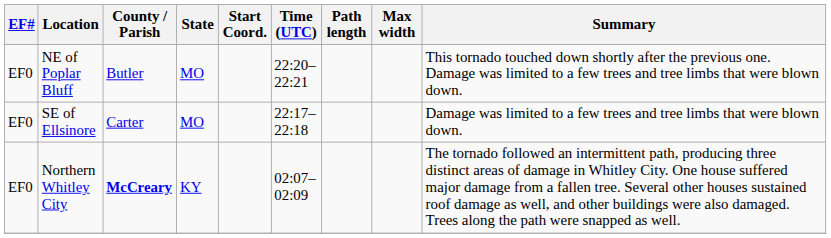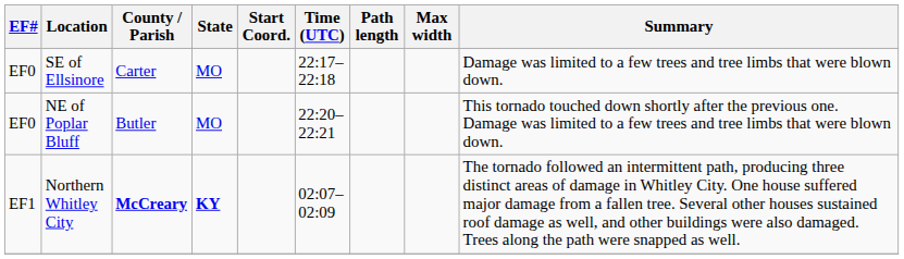 <table class="wikitable sortable" style="width:100%;">
 <tr>
 <th scope="col"  style="width:3%; text-align:center;"><a href='#'>EF#</a></th>
 <th scope="col"  style="width:7%; text-align:center;" class="unsortable">Location</th>
 <th scope="col"  style="width:6%; text-align:center;" class="unsortable">County / Parish</th>
 <th scope="col"  style="width:5%; text-align:center;">State</th>
 <th scope="col"  style="width:6%; text-align:center;">Start Coord.</th>
 <th scope="col"  style="width:6%; text-align:center;">Time (<a href='#'>UTC</a>)</th>
 <th scope="col"  style="width:6%; text-align:center;">Path length</th>
 <th scope="col"  style="width:6%; text-align:center;">Max width</th>
 <th scope="col" class="unsortable" style="width:48%; text-align:center;">Summary</th>
 </tr>
 <tr>
 <td>EF0</td>
-<td>NE of <a href='#'>Poplar Bluff</a></td>
-<td><a href='#'>Butler</a></td>
-<td><a href='#'>MO</a></td>
-<td></td>
-<td>22:20–22:21</td>
-<td></td>
-<td></td>
-<td>This tornado touched down shortly after the previous one. Damage was limited to a few trees and tree limbs that were blown down.</td>
-</tr>
-<tr>
-<td>EF0</td>
 <td>SE of <a href='#'>Ellsinore</a></td>
 <td><a href='#'>Carter</a></td>
 <td><a href='#'>MO</a></td>
 <td></td>
 <td>22:17–22:18</td>
 <td></td>
 <td></td>
 <td>Damage was limited to a few trees and tree limbs that were blown down.</td>
 </tr>
 <tr>
 <td>EF0</td>
+<td>NE of <a href='#'>Poplar Bluff</a></td>
+<td><a href='#'>Butler</a></td>
+<td><a href='#'>MO</a></td>
+<td></td>
+<td>22:20–22:21</td>
+<td></td>
+<td></td>
+<td>This tornado touched down shortly after the previous one. Damage was limited to a few trees and tree limbs that were blown down.</td>
+</tr>
+<tr>
+<td>EF1</td>
 <td>Northern <a href='#'>Whitley City</a></td>
 <td><strong><a href='#'>McCreary</a></strong></td>
-<td><a href='#'>KY</a></td>
+<td><strong><a href='#'>KY</a></strong></td>
 <td></td>
 <td>02:07–02:09</td>
 <td></td>
 <td></td>
 <td>The tornado followed an intermittent path, producing three distinct areas of damage in Whitley City. One house suffered major damage from a fallen tree. Several other houses sustained roof damage as well, and other buildings were also damaged. Trees along the path were snapped as well.</td>
 </tr>
 <tr>
 </tr>
 </table>
